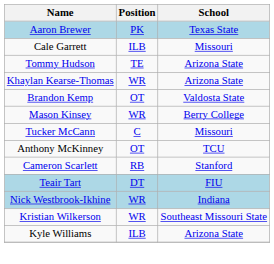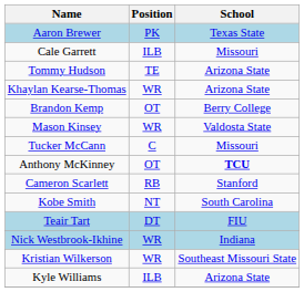 <table class="wikitable">
 <tr>
 <th>Name</th>
 <th>Position</th>
 <th>School</th>
 </tr>
 <tr align="center" | style="background:#ADD8E6">
 <td><a href='#'>Aaron Brewer</a></td>
 <td><a href='#'>PK</a></td>
 <td><a href='#'>Texas State</a></td>
 </tr>
 <tr align="center">
 <td>Cale Garrett</td>
 <td><a href='#'>ILB</a></td>
 <td><a href='#'>Missouri</a></td>
 </tr>
 <tr align="center">
 <td><a href='#'>Tommy Hudson</a></td>
 <td><a href='#'>TE</a></td>
 <td><a href='#'>Arizona State</a></td>
 </tr>
 <tr align="center">
 <td><a href='#'>Khaylan Kearse-Thomas</a></td>
 <td><a href='#'>WR</a></td>
 <td><a href='#'>Arizona State</a></td>
 </tr>
 <tr align="center">
 <td><a href='#'>Brandon Kemp</a></td>
 <td><a href='#'>OT</a></td>
-<td><a href='#'>Valdosta State</a></td>
+<td><a href='#'>Berry College</a></td>
 </tr>
 <tr align="center">
 <td><a href='#'>Mason Kinsey</a></td>
 <td><a href='#'>WR</a></td>
-<td><a href='#'>Berry College</a></td>
+<td><a href='#'>Valdosta State</a></td>
 </tr>
 <tr align="center">
 <td><a href='#'>Tucker McCann</a></td>
 <td><a href='#'>C</a></td>
 <td><a href='#'>Missouri</a></td>
 </tr>
 <tr align="center">
 <td>Anthony McKinney</td>
 <td><a href='#'>OT</a></td>
-<td><a href='#'>TCU</a></td>
+<td><strong><a href='#'>TCU</a></strong></td>
 </tr>
 <tr align="center">
 <td><a href='#'>Cameron Scarlett</a></td>
 <td><a href='#'>RB</a></td>
 <td><a href='#'>Stanford</a></td>
+</tr>
+<tr align="center">
+<td><a href='#'>Kobe Smith</a></td>
+<td><a href='#'>NT</a></td>
+<td><a href='#'>South Carolina</a></td>
 </tr>
 <tr align="center" | style="background:#ADD8E6">
 <td><a href='#'>Teair Tart</a></td>
 <td><a href='#'>DT</a></td>
 <td><a href='#'>FIU</a></td>
 </tr>
 <tr align="center" | style="background:#ADD8E6">
 <td><a href='#'>Nick Westbrook-Ikhine</a></td>
 <td><a href='#'>WR</a></td>
 <td><a href='#'>Indiana</a></td>
 </tr>
 <tr align="center">
 <td><a href='#'>Kristian Wilkerson</a></td>
 <td><a href='#'>WR</a></td>
 <td><a href='#'>Southeast Missouri State</a></td>
 </tr>
 <tr align="center">
 <td>Kyle Williams</td>
 <td><a href='#'>ILB</a></td>
 <td><a href='#'>Arizona State</a></td>
 </tr>
 <tr>
 </tr>
 </table>
